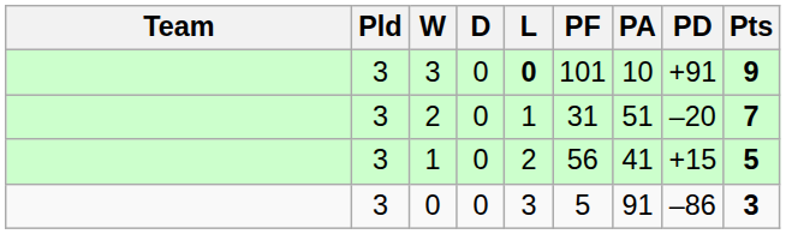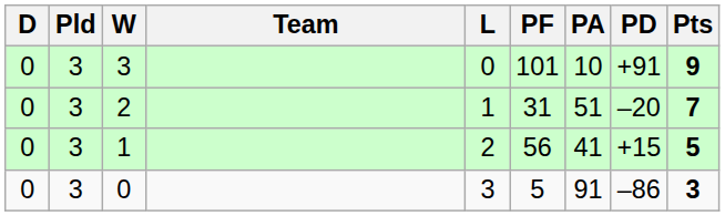 <table class="wikitable" style="text-align:center;">
 <tr>
-<th width=190>Team</th>
+<th width=20 abbr="Drawn">D</th>
 <th width=20 abbr="Played">Pld</th>
 <th width=20 abbr="Won">W</th>
-<th width=20 abbr="Drawn">D</th>
+<th width=190>Team</th>
 <th width=20 abbr="Lost">L</th>
 <th width=20 abbr="Points for">PF</th>
 <th width=20 abbr="Points against">PA</th>
 <th width=25 abbr="Points difference">PD</th>
 <th width=20 abbr="Points">Pts</th>
 </tr>
 <tr style="background:#ccffcc">
-<td align=left></td>
+<td>0</td>
 <td>3</td>
 <td>3</td>
+<td align=left></td>
 <td>0</td>
-<td><strong>0</strong></td>
 <td>101</td>
 <td>10</td>
 <td>+91</td>
 <td><strong>9</strong></td>
 </tr>
 <tr style="background:#ccffcc">
-<td align=left></td>
+<td>0</td>
 <td>3</td>
 <td>2</td>
-<td>0</td>
+<td align=left></td>
 <td>1</td>
 <td>31</td>
 <td>51</td>
 <td>–20</td>
 <td><strong>7</strong></td>
 </tr>
 <tr style="background:#ccffcc">
-<td align=left></td>
+<td>0</td>
 <td>3</td>
 <td>1</td>
-<td>0</td>
+<td align=left></td>
 <td>2</td>
 <td>56</td>
 <td>41</td>
 <td>+15</td>
 <td><strong>5</strong></td>
 </tr>
 <tr>
-<td align=left></td>
+<td>0</td>
 <td>3</td>
 <td>0</td>
-<td>0</td>
+<td align=left></td>
 <td>3</td>
 <td>5</td>
 <td>91</td>
 <td>–86</td>
 <td><strong>3</strong></td>
 </tr>
 </table>
